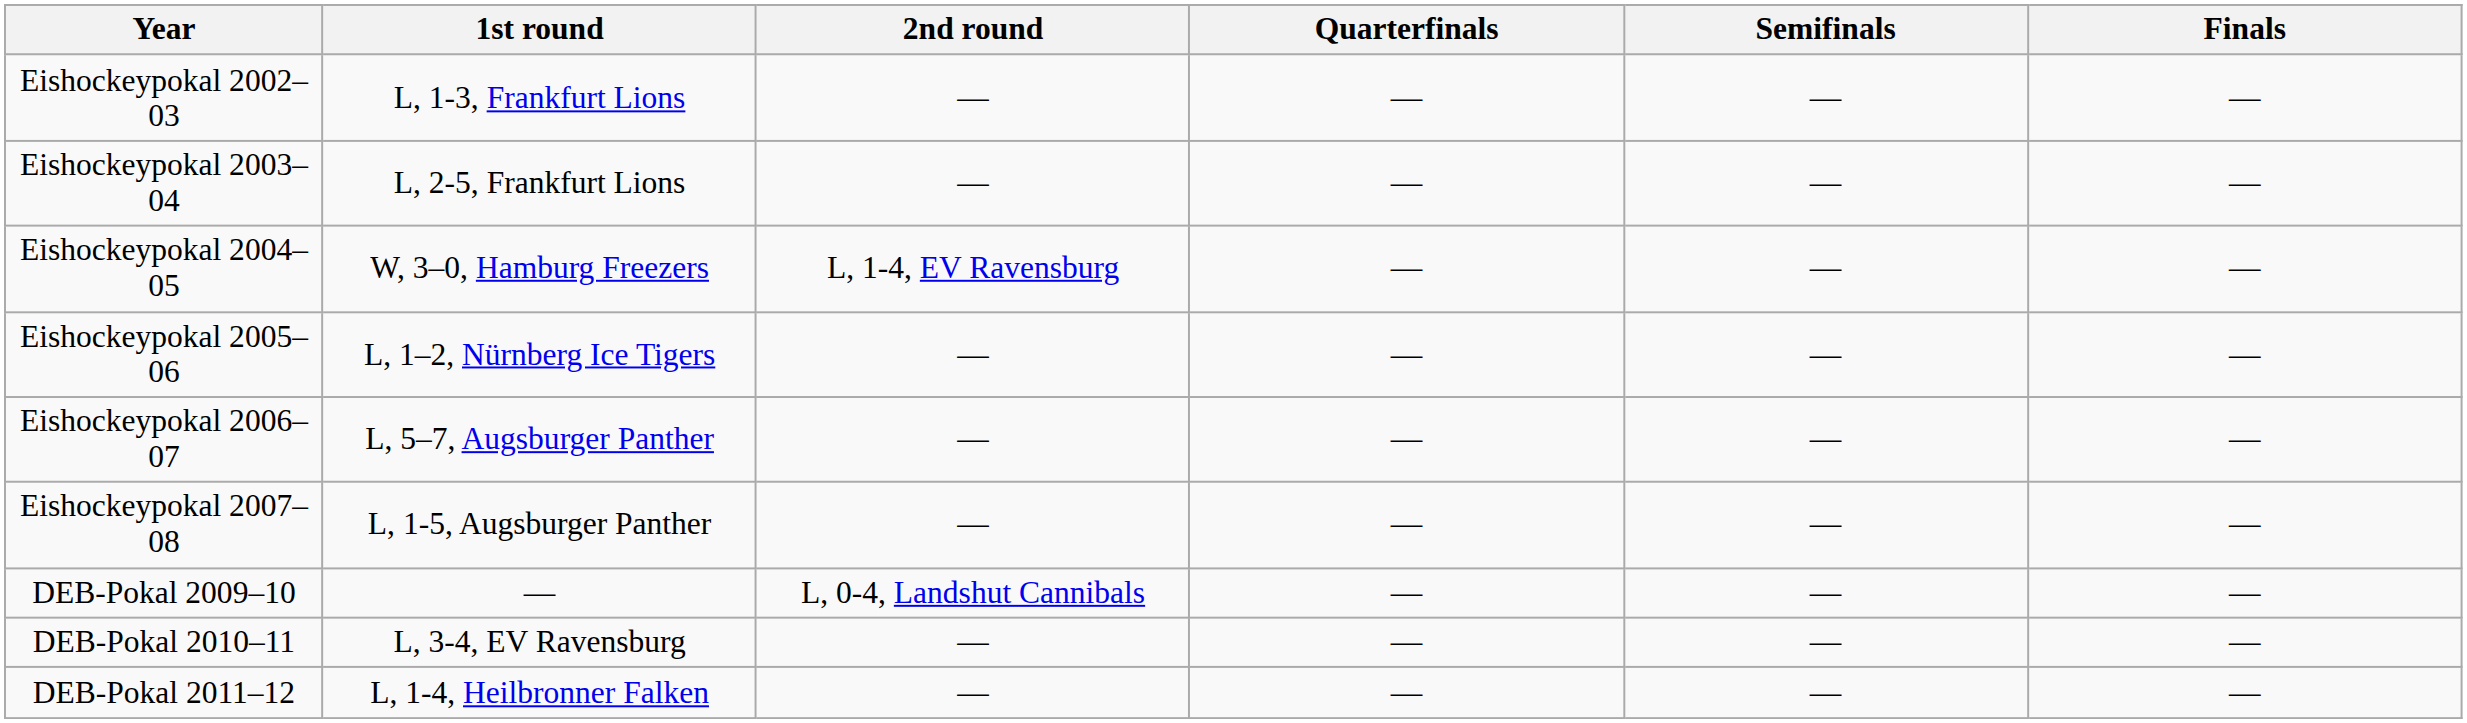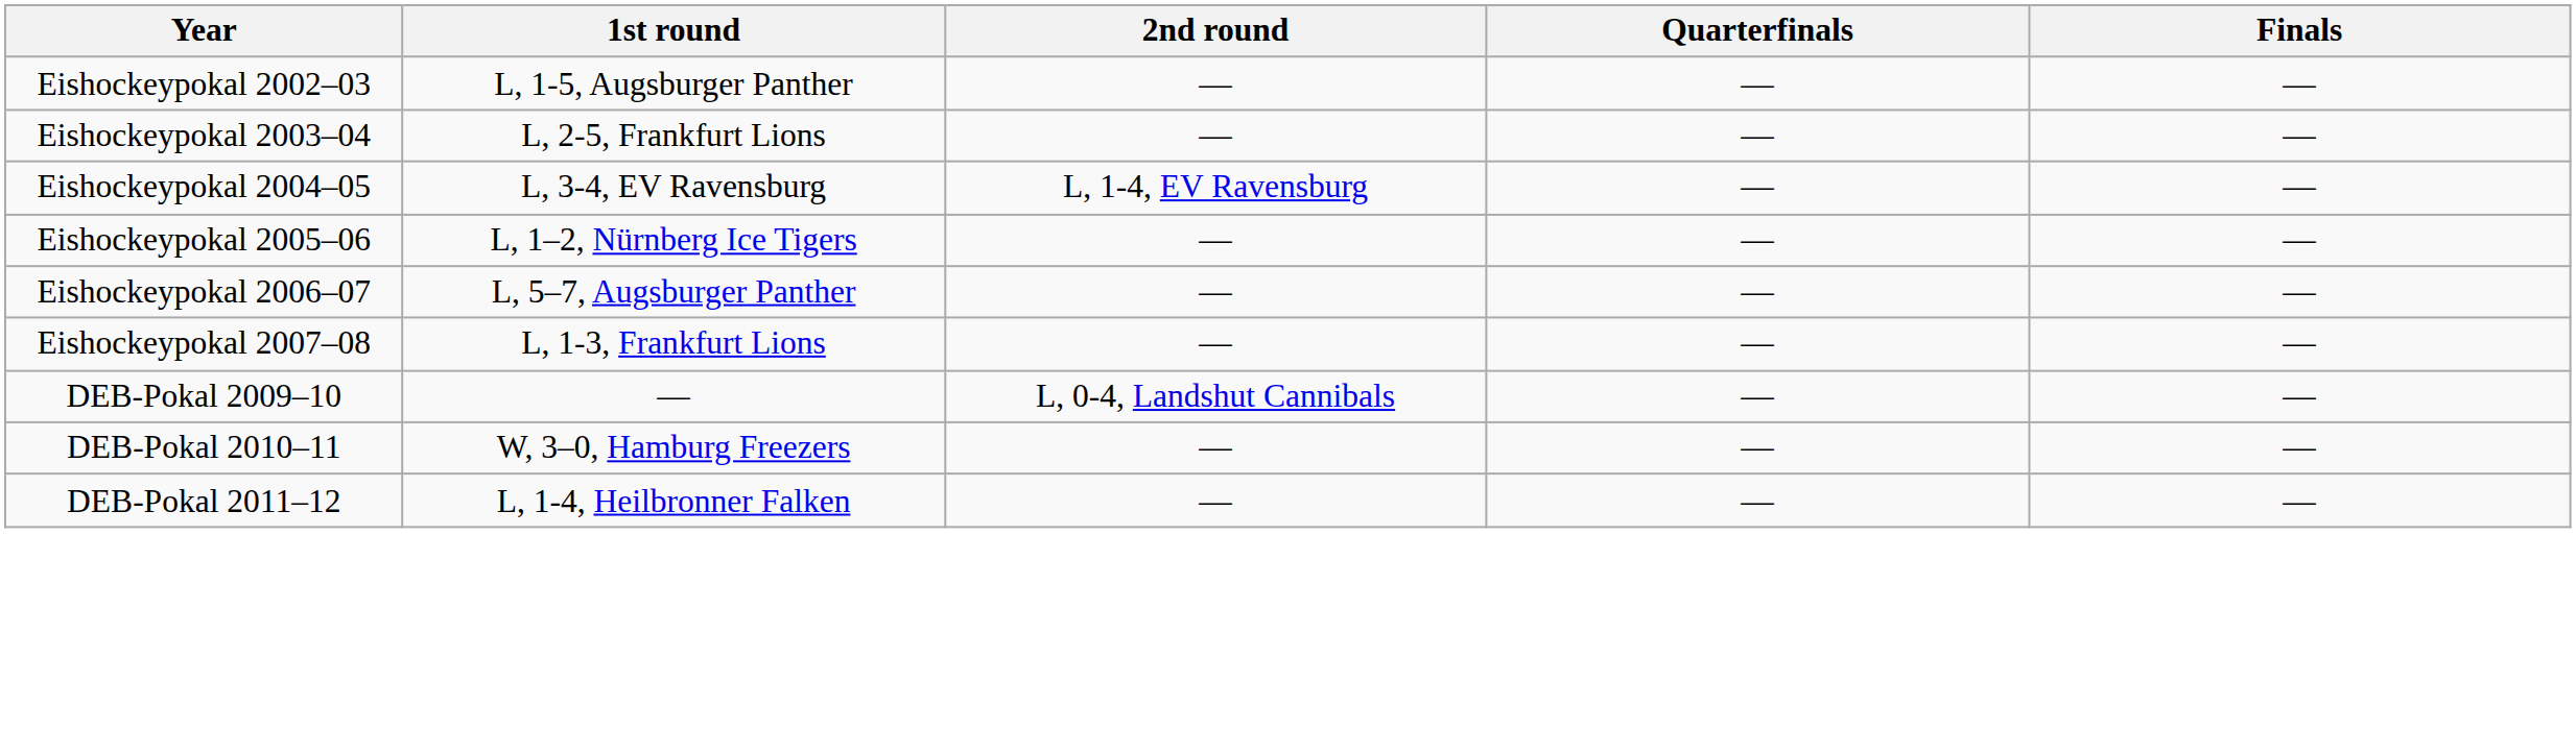 <table class="wikitable" style="text-align: center;" style="margin: 1em 1em 1em 0; background: #f9f9f9; border: 1px #aaa solid; border-collapse: collapse; width=85%">
 <tr>
 <th width=11%>Year</th>
 <th width=15%>1st round</th>
 <th width=15%>2nd round</th>
 <th width=15%>Quarterfinals</th>
-<th width=14%>Semifinals</th>
 <th width=15%>Finals</th>
 </tr>
 <tr>
 <td>Eishockeypokal 2002–03</td>
-<td>L, 1-3, <a href='#'>Frankfurt Lions</a></td>
-<td>—</td>
+<td>L, 1-5, Augsburger Panther</td>
 <td>—</td>
 <td>—</td>
 <td>—</td>
 </tr>
 <tr>
 <td>Eishockeypokal 2003–04</td>
 <td>L, 2-5, Frankfurt Lions</td>
 <td>—</td>
 <td>—</td>
 <td>—</td>
-<td>—</td>
 </tr>
 <tr>
 <td>Eishockeypokal 2004–05</td>
-<td>W, 3–0, <a href='#'>Hamburg Freezers</a></td>
+<td>L, 3-4, EV Ravensburg</td>
 <td>L, 1-4, <a href='#'>EV Ravensburg</a></td>
-<td>—</td>
 <td>—</td>
 <td>—</td>
 </tr>
 <tr>
 <td>Eishockeypokal 2005–06</td>
 <td>L, 1–2, <a href='#'>Nürnberg Ice Tigers</a></td>
-<td>—</td>
 <td>—</td>
 <td>—</td>
 <td>—</td>
 </tr>
 <tr>
 <td>Eishockeypokal 2006–07</td>
 <td>L, 5–7, <a href='#'>Augsburger Panther</a></td>
 <td>—</td>
 <td>—</td>
 <td>—</td>
-<td>—</td>
 </tr>
 <tr>
 <td>Eishockeypokal 2007–08</td>
-<td>L, 1-5, Augsburger Panther</td>
-<td>—</td>
+<td>L, 1-3, <a href='#'>Frankfurt Lions</a></td>
 <td>—</td>
 <td>—</td>
 <td>—</td>
 </tr>
 <tr>
 <td>DEB-Pokal 2009–10</td>
 <td>—</td>
 <td>L, 0-4, <a href='#'>Landshut Cannibals</a></td>
 <td>—</td>
 <td>—</td>
-<td>—</td>
 </tr>
 <tr>
 <td>DEB-Pokal 2010–11</td>
-<td>L, 3-4, EV Ravensburg</td>
-<td>—</td>
+<td>W, 3–0, <a href='#'>Hamburg Freezers</a></td>
 <td>—</td>
 <td>—</td>
 <td>—</td>
 </tr>
 <tr>
 <td>DEB-Pokal 2011–12</td>
 <td>L, 1-4, <a href='#'>Heilbronner Falken</a></td>
 <td>—</td>
 <td>—</td>
 <td>—</td>
-<td>—</td>
 </tr>
 </table>
